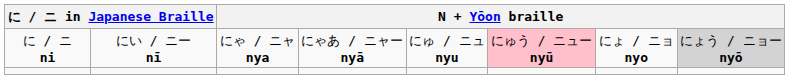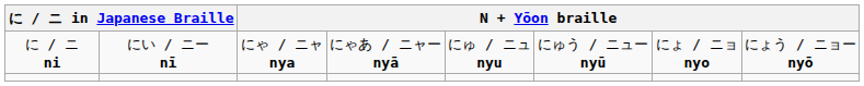 <table class="wikitable nowrap" style="text-align:center">
 <tr>
 <th colspan=2>に / ニ in <a href='#'>Japanese Braille</a></th>
 <th colspan=6>N + <a href='#'>Yōon</a> braille</th>
 </tr>
 <tr>
 <td>に / ニ <br><strong>ni</strong></td>
 <td>にい / ニー <br><strong>nī</strong></td>
 <td>にゃ / ニャ <br><strong>nya</strong></td>
 <td>にゃあ / ニャー <br><strong>nyā</strong></td>
 <td>にゅ / ニュ <br><strong>nyu</strong></td>
-<td style="background: pink;">にゅう / ニュー <br><strong>nyū</strong></td>
+<td>にゅう / ニュー <br><strong>nyū</strong></td>
 <td>にょ / ニョ <br><strong>nyo</strong></td>
-<td style="background: lightgrey;">にょう / ニョー <br><strong>nyō</strong></td>
+<td>にょう / ニョー <br><strong>nyō</strong></td>
 </tr>
 <tr>
 <td></td>
 <td></td>
 <td></td>
 <td></td>
 <td></td>
 <td></td>
 <td></td>
 <td></td>
 </tr>
 </table>
